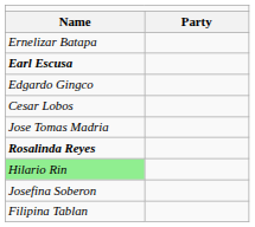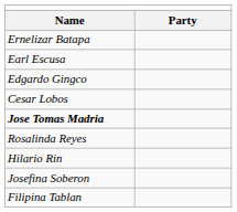 <table class=wikitable style="font-size:90%">
 <tr>
 <td colspan=4 bgcolor=></td>
 </tr>
 <tr>
 <th width=150px>Name</th>
 <th colspan=2 width=110px>Party</th>
 </tr>
 <tr>
 <td><em>Ernelizar Batapa</em></td>
 <td></td>
 </tr>
 <tr>
-<td><strong><em>Earl Escusa</em></strong></td>
+<td><em>Earl Escusa</em></td>
 <td></td>
 </tr>
 <tr>
 <td><em>Edgardo Gingco</em></td>
 <td></td>
 </tr>
 <tr>
 <td><em>Cesar Lobos</em></td>
 <td></td>
 </tr>
 <tr>
-<td><em>Jose Tomas Madria</em></td>
+<td><strong><em>Jose Tomas Madria</em></strong></td>
 <td></td>
 </tr>
 <tr>
-<td><strong><em>Rosalinda Reyes</em></strong></td>
+<td><em>Rosalinda Reyes</em></td>
 <td></td>
 </tr>
 <tr>
-<td style="background: lightgreen;"><em>Hilario Rin</em></td>
+<td><em>Hilario Rin</em></td>
 <td></td>
 </tr>
 <tr>
 <td><em>Josefina Soberon</em></td>
 <td></td>
 </tr>
 <tr>
 <td><em>Filipina Tablan</em></td>
 <td></td>
 </tr>
 </table>
